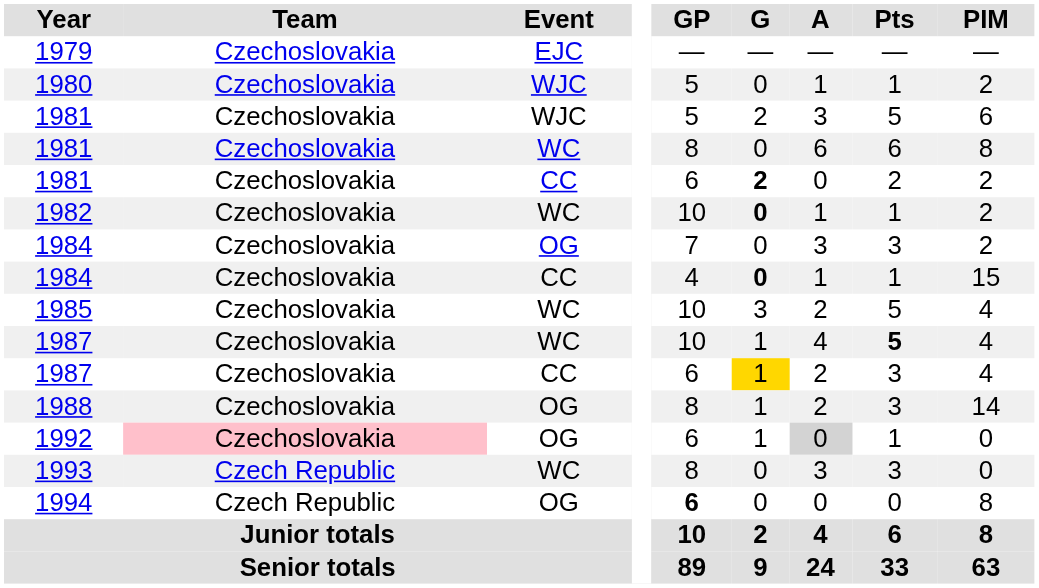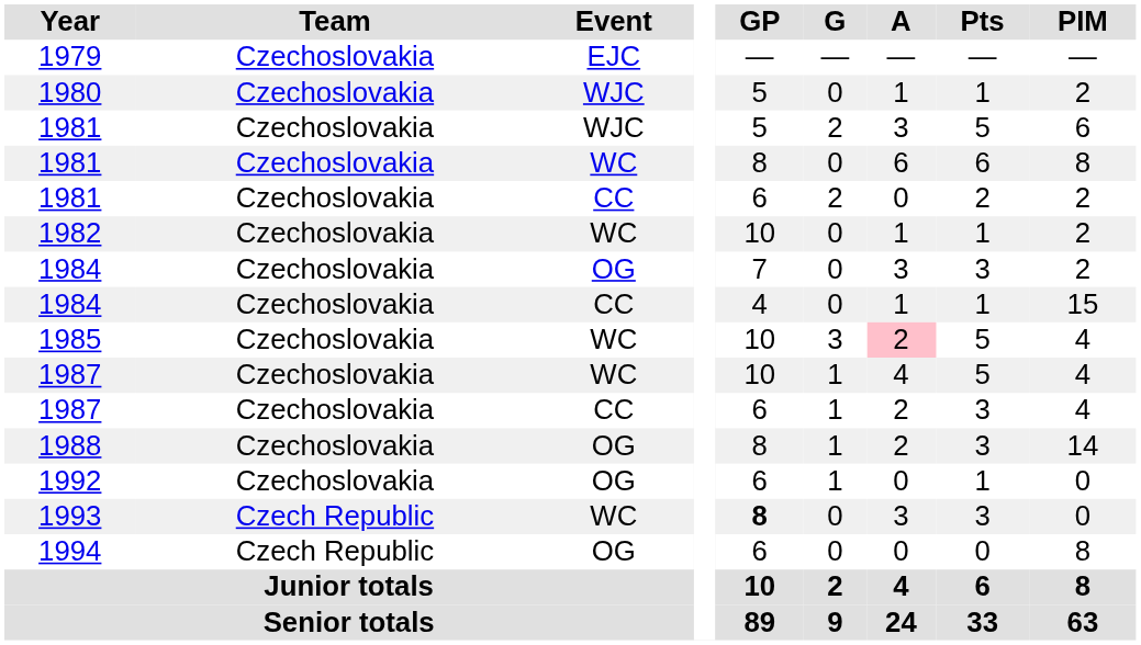 <table border="0" cellpadding="1" cellspacing="0" style="text-align:center; width:40em">
 <tr ALIGN="center" bgcolor="#e0e0e0">
 <th>Year</th>
 <th>Team</th>
 <th>Event</th>
 <th rowspan="99" bgcolor="#ffffff"> </th>
 <th>GP</th>
 <th>G</th>
 <th>A</th>
 <th>Pts</th>
 <th>PIM</th>
 </tr>
 <tr>
 <td><a href='#'>1979</a></td>
 <td><a href='#'>Czechoslovakia</a></td>
 <td><a href='#'>EJC</a></td>
 <td>—</td>
 <td>—</td>
 <td>—</td>
 <td>—</td>
 <td>—</td>
 </tr>
 <tr bgcolor="#f0f0f0">
 <td><a href='#'>1980</a></td>
 <td><a href='#'>Czechoslovakia</a></td>
 <td><a href='#'>WJC</a></td>
 <td>5</td>
 <td>0</td>
 <td>1</td>
 <td>1</td>
 <td>2</td>
 </tr>
 <tr>
 <td><a href='#'>1981</a></td>
 <td>Czechoslovakia</td>
 <td>WJC</td>
 <td>5</td>
 <td>2</td>
 <td>3</td>
 <td>5</td>
 <td>6</td>
 </tr>
 <tr bgcolor="#f0f0f0">
 <td><a href='#'>1981</a></td>
 <td><a href='#'>Czechoslovakia</a></td>
 <td><a href='#'>WC</a></td>
 <td>8</td>
 <td>0</td>
 <td>6</td>
 <td>6</td>
 <td>8</td>
 </tr>
 <tr>
 <td><a href='#'>1981</a></td>
 <td>Czechoslovakia</td>
 <td><a href='#'>CC</a></td>
 <td>6</td>
-<td><strong>2</strong></td>
+<td>2</td>
 <td>0</td>
 <td>2</td>
 <td>2</td>
 </tr>
 <tr bgcolor="#f0f0f0">
 <td><a href='#'>1982</a></td>
 <td>Czechoslovakia</td>
 <td>WC</td>
 <td>10</td>
-<td><strong>0</strong></td>
+<td>0</td>
 <td>1</td>
 <td>1</td>
 <td>2</td>
 </tr>
 <tr>
 <td><a href='#'>1984</a></td>
 <td>Czechoslovakia</td>
 <td><a href='#'>OG</a></td>
 <td>7</td>
 <td>0</td>
 <td>3</td>
 <td>3</td>
 <td>2</td>
 </tr>
 <tr bgcolor="#f0f0f0">
 <td><a href='#'>1984</a></td>
 <td>Czechoslovakia</td>
 <td>CC</td>
 <td>4</td>
-<td><strong>0</strong></td>
+<td>0</td>
 <td>1</td>
 <td>1</td>
 <td>15</td>
 </tr>
 <tr>
 <td><a href='#'>1985</a></td>
 <td>Czechoslovakia</td>
 <td>WC</td>
 <td>10</td>
 <td>3</td>
-<td>2</td>
+<td style="background: pink;">2</td>
 <td>5</td>
 <td>4</td>
 </tr>
 <tr bgcolor="#f0f0f0">
 <td><a href='#'>1987</a></td>
 <td>Czechoslovakia</td>
 <td>WC</td>
 <td>10</td>
 <td>1</td>
 <td>4</td>
-<td><strong>5</strong></td>
+<td>5</td>
 <td>4</td>
 </tr>
 <tr>
 <td><a href='#'>1987</a></td>
 <td>Czechoslovakia</td>
 <td>CC</td>
 <td>6</td>
-<td style="background: gold;">1</td>
+<td>1</td>
 <td>2</td>
 <td>3</td>
 <td>4</td>
 </tr>
 <tr bgcolor="#f0f0f0">
 <td><a href='#'>1988</a></td>
 <td>Czechoslovakia</td>
 <td>OG</td>
 <td>8</td>
 <td>1</td>
 <td>2</td>
 <td>3</td>
 <td>14</td>
 </tr>
 <tr>
 <td><a href='#'>1992</a></td>
-<td style="background: pink;">Czechoslovakia</td>
+<td>Czechoslovakia</td>
 <td>OG</td>
 <td>6</td>
 <td>1</td>
-<td style="background: lightgrey;">0</td>
+<td>0</td>
 <td>1</td>
 <td>0</td>
 </tr>
 <tr bgcolor="#f0f0f0">
 <td><a href='#'>1993</a></td>
 <td><a href='#'>Czech Republic</a></td>
 <td>WC</td>
-<td>8</td>
+<td><strong>8</strong></td>
 <td>0</td>
 <td>3</td>
 <td>3</td>
 <td>0</td>
 </tr>
 <tr>
 <td><a href='#'>1994</a></td>
 <td>Czech Republic</td>
 <td>OG</td>
-<td><strong>6</strong></td>
+<td>6</td>
 <td>0</td>
 <td>0</td>
 <td>0</td>
 <td>8</td>
 </tr>
 <tr bgcolor="#e0e0e0">
 <th colspan=3>Junior totals</th>
 <th>10</th>
 <th>2</th>
 <th>4</th>
 <th>6</th>
 <th>8</th>
 </tr>
 <tr bgcolor="#e0e0e0">
 <th colspan=3>Senior totals</th>
 <th>89</th>
 <th>9</th>
 <th>24</th>
 <th>33</th>
 <th>63</th>
 </tr>
 </table>
